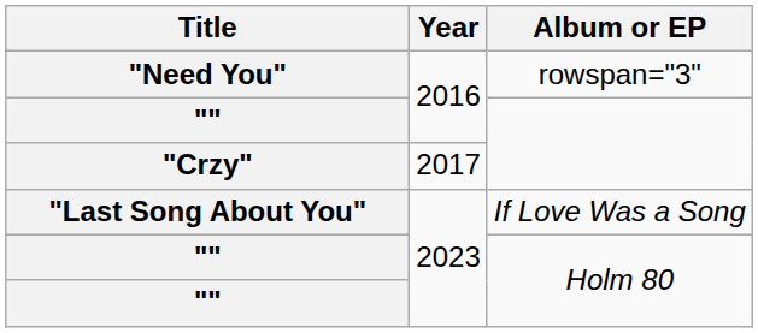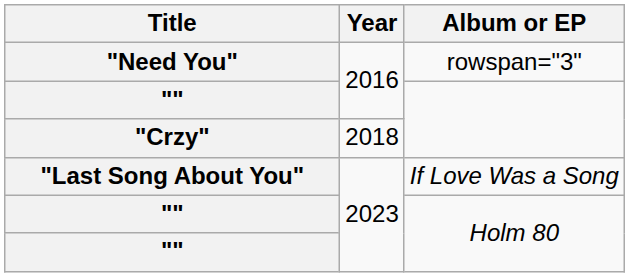 <table class="wikitable plainrowheaders" style="text-align:center;">
 <tr>
 <th scope="col" style="width:13.5em;">Title</th>
 <th scope="col">Year</th>
 <th scope="col">Album or EP</th>
 </tr>
 <tr>
 <th scope="row">"Need You"<br></th>
 <td rowspan="2">2016</td>
 <td>rowspan="3" </td>
 </tr>
 <tr>
 <th scope="row">""<br></th>
 </tr>
 <tr>
 <th scope="row">"Crzy"<br></th>
-<td>2017</td>
+<td>2018</td>
 </tr>
 <tr>
 <th scope="row">"Last Song About You"<br></th>
 <td rowspan="3">2023</td>
 <td><em>If Love Was a Song</em></td>
 </tr>
 <tr>
 <th scope="row">""<br></th>
 <td rowspan="2"><em>Holm 80</em></td>
 </tr>
 <tr>
 <th scope="row">""<br></th>
 </tr>
 </table>
